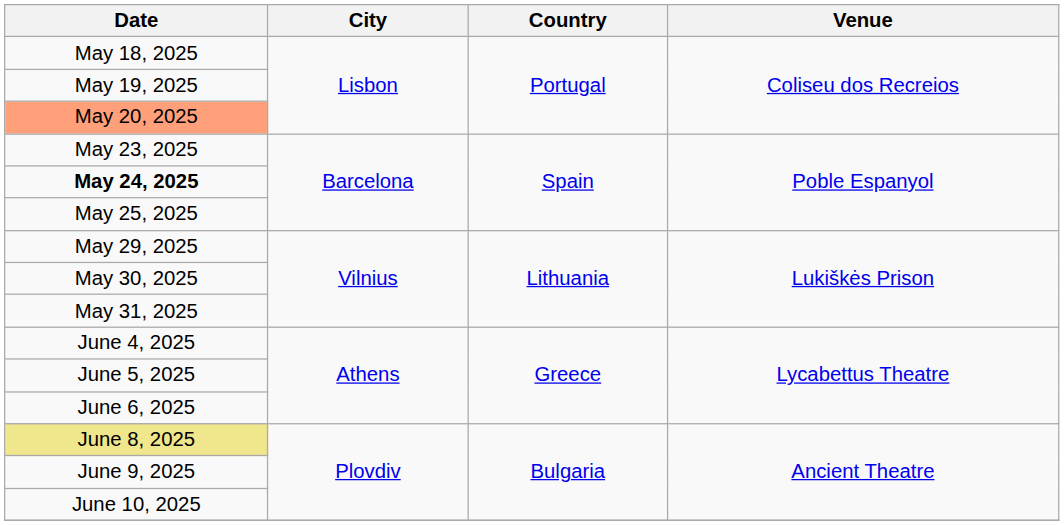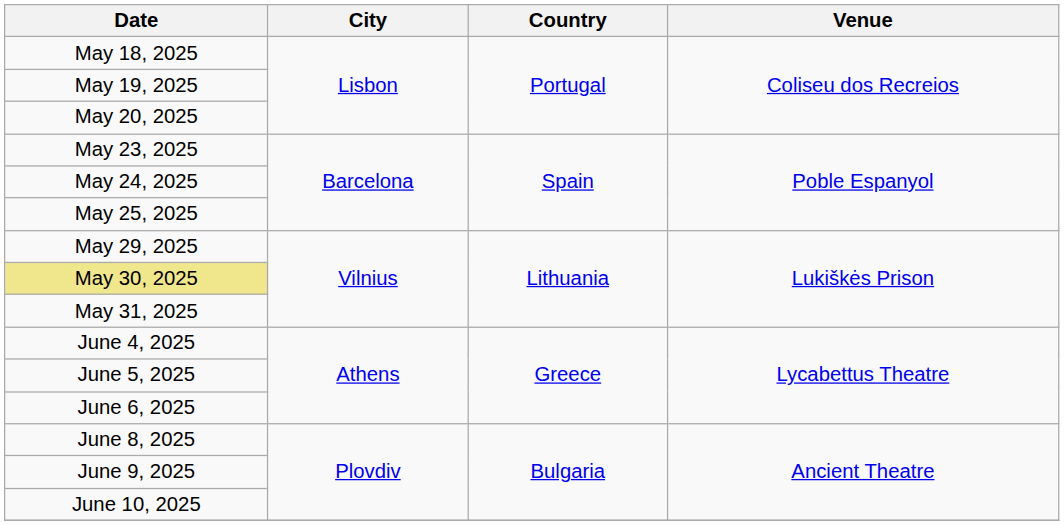 <table class="wikitable" style="text-align:center;">
 <tr>
 <th style="width:200px;">Date</th>
 <th style="width:150px;">City</th>
 <th style="width:150px;">Country</th>
 <th style="width:300px;">Venue</th>
 </tr>
 <tr>
 <td>May 18, 2025</td>
 <td rowspan="3"><a href='#'>Lisbon</a></td>
 <td rowspan="3"><a href='#'>Portugal</a></td>
 <td rowspan="3"><a href='#'>Coliseu dos Recreios</a></td>
 </tr>
 <tr>
 <td>May 19, 2025</td>
 </tr>
 <tr>
-<td style="background: lightsalmon;">May 20, 2025</td>
+<td>May 20, 2025</td>
 </tr>
 <tr>
 <td>May 23, 2025</td>
 <td rowspan="3"><a href='#'>Barcelona</a></td>
 <td rowspan="3"><a href='#'>Spain</a></td>
 <td rowspan="3"><a href='#'>Poble Espanyol</a></td>
 </tr>
 <tr>
-<td><strong>May 24, 2025</strong></td>
+<td>May 24, 2025</td>
 </tr>
 <tr>
 <td>May 25, 2025</td>
 </tr>
 <tr>
 <td>May 29, 2025</td>
 <td rowspan="3"><a href='#'>Vilnius</a></td>
 <td rowspan="3"><a href='#'>Lithuania</a></td>
 <td rowspan="3"><a href='#'>Lukiškės Prison</a></td>
 </tr>
 <tr>
-<td>May 30, 2025</td>
+<td style="background: khaki;">May 30, 2025</td>
 </tr>
 <tr>
 <td>May 31, 2025</td>
 </tr>
 <tr>
 <td>June 4, 2025</td>
 <td rowspan="3"><a href='#'>Athens</a></td>
 <td rowspan="3"><a href='#'>Greece</a></td>
 <td rowspan="3"><a href='#'>Lycabettus Theatre</a></td>
 </tr>
 <tr>
 <td>June 5, 2025</td>
 </tr>
 <tr>
 <td>June 6, 2025</td>
 </tr>
 <tr>
-<td style="background: khaki;">June 8, 2025</td>
+<td>June 8, 2025</td>
 <td rowspan="3"><a href='#'>Plovdiv</a></td>
 <td rowspan="3"><a href='#'>Bulgaria</a></td>
 <td rowspan="3"><a href='#'>Ancient Theatre</a></td>
 </tr>
 <tr>
 <td>June 9, 2025</td>
 </tr>
 <tr>
 <td>June 10, 2025</td>
 </tr>
 <tr>
 </tr>
 </table>
